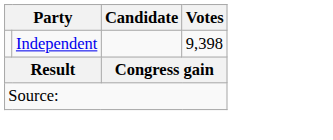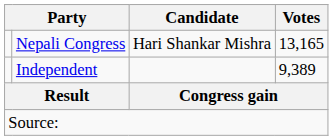 <table class="wikitable">
 <tr>
 <th colspan="2">Party</th>
 <th>Candidate</th>
 <th>Votes</th>
 </tr>
 <tr>
 <td style="background-color:"></td>
+<td><a href='#'>Nepali Congress</a></td>
+<td>Hari Shankar Mishra</td>
+<td>13,165</td>
+</tr>
+<tr>
+<td style="background-color:"></td>
 <td><a href='#'>Independent</a></td>
 <td></td>
-<td>9,398</td>
+<td>9,389</td>
 </tr>
 <tr>
 <th colspan="2">Result</th>
 <th colspan="2">Congress gain</th>
 </tr>
 <tr>
 <td colspan="4">Source: </td>
 </tr>
 </table>
